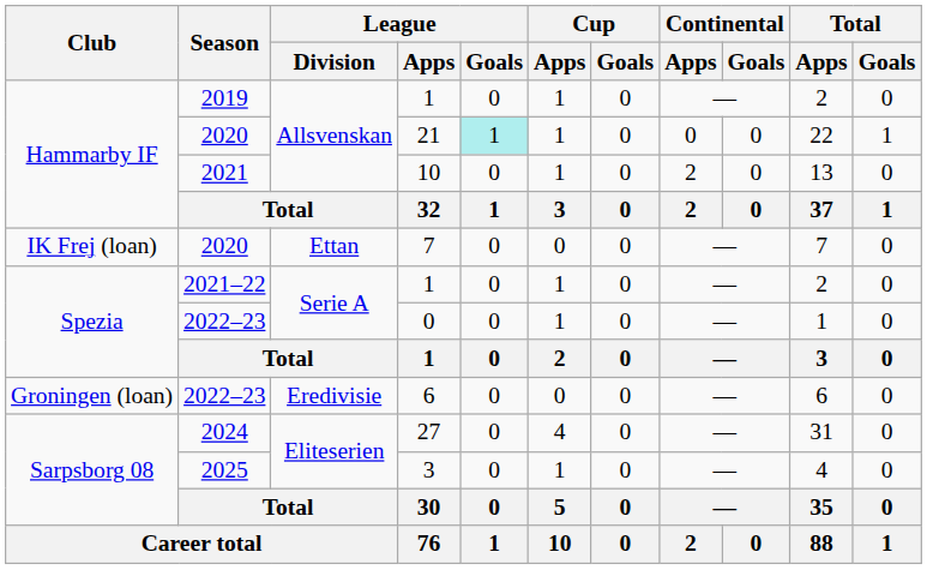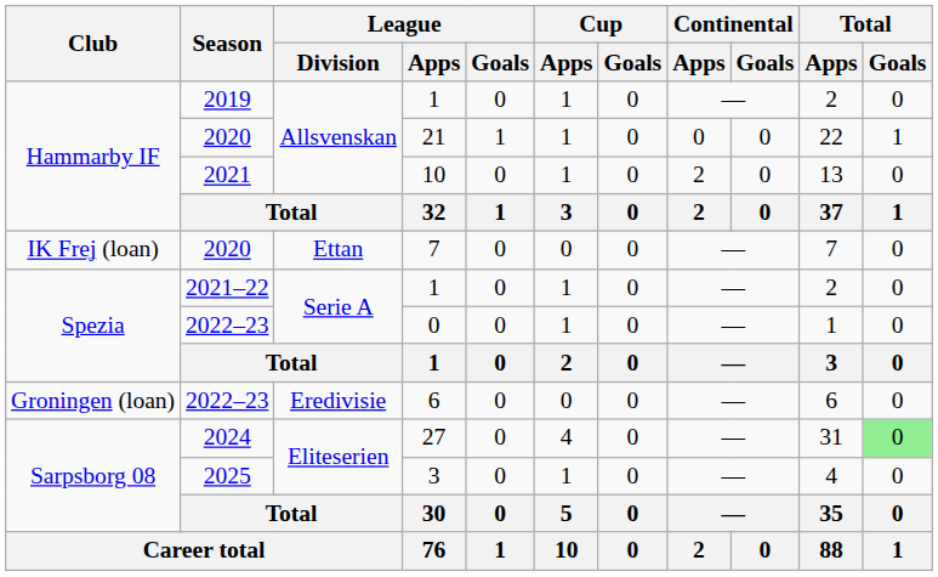 <table class="wikitable" style="text-align:center;">
 <tr>
 <th rowspan="2">Club</th>
 <th rowspan="2">Season</th>
 <th colspan="3">League</th>
 <th colspan="2">Cup</th>
 <th colspan="2">Continental</th>
 <th colspan="2">Total</th>
 </tr>
 <tr>
 <th>Division</th>
 <th>Apps</th>
 <th>Goals</th>
 <th>Apps</th>
 <th>Goals</th>
 <th>Apps</th>
 <th>Goals</th>
 <th>Apps</th>
 <th>Goals</th>
 </tr>
 <tr>
 <td rowspan="4"><a href='#'>Hammarby IF</a></td>
 <td><a href='#'>2019</a></td>
 <td rowspan="3"><a href='#'>Allsvenskan</a></td>
 <td>1</td>
 <td>0</td>
 <td>1</td>
 <td>0</td>
 <td colspan="2">—</td>
 <td>2</td>
 <td>0</td>
 </tr>
 <tr>
 <td><a href='#'>2020</a></td>
 <td>21</td>
-<td style="background: paleturquoise;">1</td>
+<td>1</td>
 <td>1</td>
 <td>0</td>
 <td>0</td>
 <td>0</td>
 <td>22</td>
 <td>1</td>
 </tr>
 <tr>
 <td><a href='#'>2021</a></td>
 <td>10</td>
 <td>0</td>
 <td>1</td>
 <td>0</td>
 <td>2</td>
 <td>0</td>
 <td>13</td>
 <td>0</td>
 </tr>
 <tr>
 <th colspan="2">Total</th>
 <th>32</th>
 <th>1</th>
 <th>3</th>
 <th>0</th>
 <th>2</th>
 <th>0</th>
 <th>37</th>
 <th>1</th>
 </tr>
 <tr>
 <td><a href='#'>IK Frej</a> (loan)</td>
 <td><a href='#'>2020</a></td>
 <td><a href='#'>Ettan</a></td>
 <td>7</td>
 <td>0</td>
 <td>0</td>
 <td>0</td>
 <td colspan="2">—</td>
 <td>7</td>
 <td>0</td>
 </tr>
 <tr>
 <td rowspan="3"><a href='#'>Spezia</a></td>
 <td><a href='#'>2021–22</a></td>
 <td rowspan="2"><a href='#'>Serie A</a></td>
 <td>1</td>
 <td>0</td>
 <td>1</td>
 <td>0</td>
 <td colspan="2">—</td>
 <td>2</td>
 <td>0</td>
 </tr>
 <tr>
 <td><a href='#'>2022–23</a></td>
 <td>0</td>
 <td>0</td>
 <td>1</td>
 <td>0</td>
 <td colspan="2">—</td>
 <td>1</td>
 <td>0</td>
 </tr>
 <tr>
 <th colspan="2">Total</th>
 <th>1</th>
 <th>0</th>
 <th>2</th>
 <th>0</th>
 <th colspan="2">—</th>
 <th>3</th>
 <th>0</th>
 </tr>
 <tr>
 <td><a href='#'>Groningen</a> (loan)</td>
 <td><a href='#'>2022–23</a></td>
 <td><a href='#'>Eredivisie</a></td>
 <td>6</td>
 <td>0</td>
 <td>0</td>
 <td>0</td>
 <td colspan="2">—</td>
 <td>6</td>
 <td>0</td>
 </tr>
 <tr>
 <td rowspan="3"><a href='#'>Sarpsborg 08</a></td>
 <td><a href='#'>2024</a></td>
 <td rowspan="2"><a href='#'>Eliteserien</a></td>
 <td>27</td>
 <td>0</td>
 <td>4</td>
 <td>0</td>
 <td colspan="2">—</td>
 <td>31</td>
-<td>0</td>
+<td style="background: lightgreen;">0</td>
 </tr>
 <tr>
 <td><a href='#'>2025</a></td>
 <td>3</td>
 <td>0</td>
 <td>1</td>
 <td>0</td>
 <td colspan="2">—</td>
 <td>4</td>
 <td>0</td>
 </tr>
 <tr>
 <th colspan="2">Total</th>
 <th>30</th>
 <th>0</th>
 <th>5</th>
 <th>0</th>
 <th colspan="2">—</th>
 <th>35</th>
 <th>0</th>
 </tr>
 <tr>
 <th colspan="3">Career total</th>
 <th>76</th>
 <th>1</th>
 <th>10</th>
 <th>0</th>
 <th>2</th>
 <th>0</th>
 <th>88</th>
 <th>1</th>
 </tr>
 </table>
